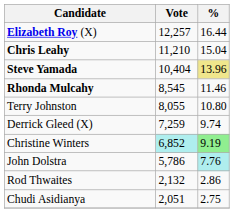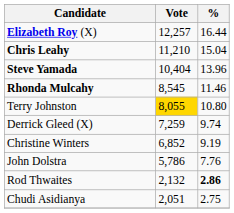 <table class="wikitable">
 <tr>
 <th bgcolor="#DDDDFF" width="200px">Candidate</th>
 <th bgcolor="#DDDDFF" width="50px">Vote</th>
 <th bgcolor="#DDDDFF" width="30px">%</th>
 </tr>
 <tr>
 <td><strong><a href='#'>Elizabeth Roy</a></strong> (X)</td>
 <td>12,257</td>
 <td>16.44</td>
 </tr>
 <tr>
 <td><strong>Chris Leahy</strong></td>
 <td>11,210</td>
 <td>15.04</td>
 </tr>
 <tr>
 <td><strong>Steve Yamada</strong></td>
 <td>10,404</td>
-<td style="background: khaki;">13.96</td>
+<td>13.96</td>
 </tr>
 <tr>
 <td><strong>Rhonda Mulcahy</strong></td>
 <td>8,545</td>
 <td>11.46</td>
 </tr>
 <tr>
 <td>Terry Johnston</td>
-<td>8,055</td>
+<td style="background: gold;">8,055</td>
 <td>10.80</td>
 </tr>
 <tr>
 <td>Derrick Gleed (X)</td>
 <td>7,259</td>
 <td>9.74</td>
 </tr>
 <tr>
 <td>Christine Winters</td>
-<td style="background: paleturquoise;">6,852</td>
-<td style="background: lightgreen;">9.19</td>
+<td>6,852</td>
+<td>9.19</td>
 </tr>
 <tr>
 <td>John Dolstra</td>
 <td>5,786</td>
-<td style="background: paleturquoise;">7.76</td>
+<td>7.76</td>
 </tr>
 <tr>
 <td>Rod Thwaites</td>
 <td>2,132</td>
-<td>2.86</td>
+<td><strong>2.86</strong></td>
 </tr>
 <tr>
 <td>Chudi Asidianya</td>
 <td>2,051</td>
 <td>2.75</td>
 </tr>
 <tr>
 </tr>
 </table>
